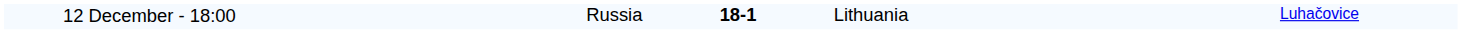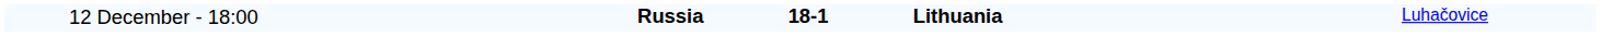 <table style="width: 100%; background:#F5FAFF;" cellspacing="0">
 <tr>
 <td align=center rowspan=3 width=20%>12 December - 18:00</td>
 </tr>
 <tr>
-<td width=24% align=right>Russia </td>
+<td width=24% align=right><strong>Russia </strong></td>
 <td align=center width=13%><strong>18-1</strong></td>
-<td width=24%> Lithuania</td>
+<td width=24%><strong> Lithuania</strong></td>
 <td style=font-size:85% rowspan=3 valign=top align=center><a href='#'>Luhačovice</a></td>
 </tr>
 <tr style=font-size:85%>
 <td align=right valign=top></td>
 <td></td>
 <td></td>
 </tr>
 </table>
